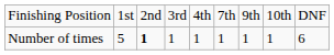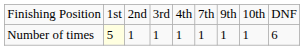 <table class="wikitable">
 <tr style="background:#CCCCCCC;">
 <td>Finishing Position</td>
 <td>1st</td>
 <td>2nd</td>
 <td>3rd</td>
 <td>4th</td>
 <td>7th</td>
 <td>9th</td>
 <td>10th</td>
 <td>DNF</td>
 </tr>
 <tr>
 <td>Number of times</td>
-<td>5</td>
-<td><strong>1</strong></td>
+<td style="background: lightyellow;">5</td>
+<td>1</td>
 <td>1</td>
 <td>1</td>
 <td>1</td>
 <td>1</td>
 <td>1</td>
 <td>6</td>
 </tr>
 </table>
